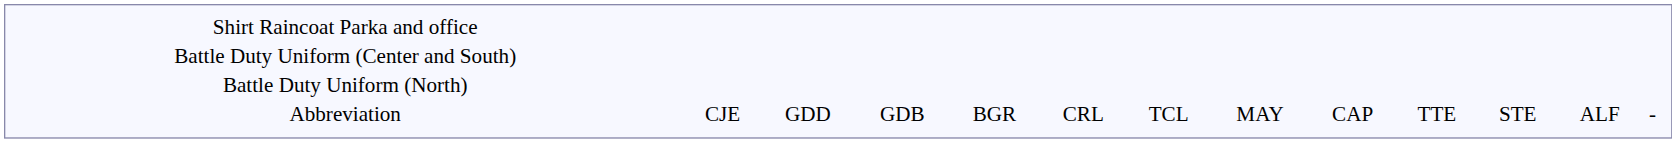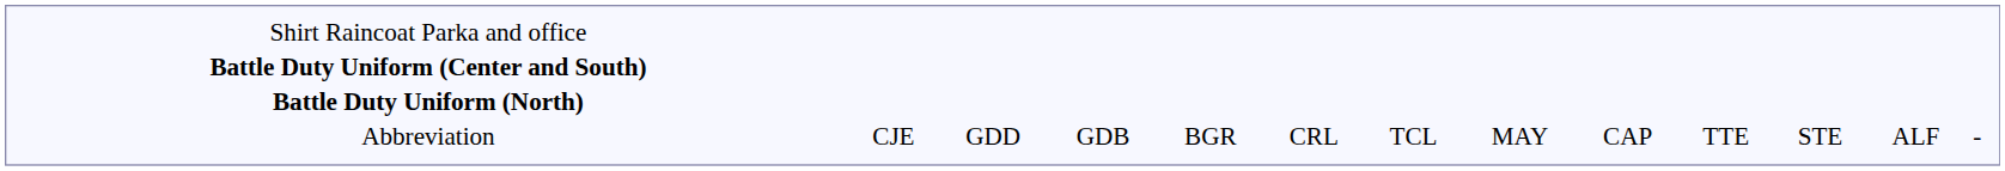 <table style="border:1px solid #8888aa; background-color:#f7f8ff; padding:5px; font-size:100%; margin: 0px 12px 12px 0px;width:100%">
 <tr align=center>
 <td>Shirt Raincoat Parka and office</td>
 <td colspan=2 rowspan=4></td>
 <td colspan=2></td>
 <td colspan=2></td>
 <td colspan=2></td>
 <td colspan=2></td>
 <td colspan=2></td>
 <td colspan=2></td>
 <td colspan=2></td>
 <td colspan=2></td>
 <td colspan=2></td>
 <td colspan=2></td>
 <td colspan=2></td>
 <td colspan=12></td>
 </tr>
 <tr align="center">
-<td>Battle Duty Uniform (Center and South)</td>
+<td><strong>Battle Duty Uniform (Center and South)</strong></td>
 <td colspan=2></td>
 <td colspan=2></td>
 <td colspan=2></td>
 <td colspan=2></td>
 <td colspan=2></td>
 <td colspan=2></td>
 <td colspan=2></td>
 <td colspan=2></td>
 <td colspan=2></td>
 <td colspan=2></td>
 <td colspan=2></td>
 <td colspan=12></td>
 </tr>
 <tr align="center">
-<td>Battle Duty Uniform (North)</td>
+<td><strong>Battle Duty Uniform (North)</strong></td>
 <td colspan=2></td>
 <td colspan=2></td>
 <td colspan=2></td>
 <td colspan=2></td>
 <td colspan=2></td>
 <td colspan=2></td>
 <td colspan=2></td>
 <td colspan=2></td>
 <td colspan=2></td>
 <td colspan=2></td>
 <td colspan=2></td>
 <td colspan=12></td>
 </tr>
 <tr align="center">
 <td>Abbreviation</td>
 <td colspan=2>CJE</td>
 <td colspan=2>GDD</td>
 <td colspan=2>GDB</td>
 <td colspan=2>BGR</td>
 <td colspan=2>CRL</td>
 <td colspan=2>TCL</td>
 <td colspan=2>MAY</td>
 <td colspan=2>CAP</td>
 <td colspan=2>TTE</td>
 <td colspan=2>STE</td>
 <td colspan=2>ALF</td>
 <td colspan=12>-</td>
 </tr>
 </table>
